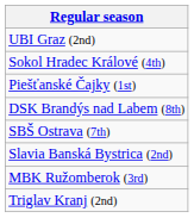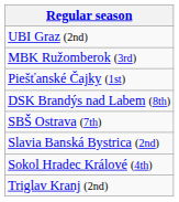 <table class="wikitable" style="white-space: nowrap;">
 <tr>
 <th colspan=1><a href='#'>Regular season</a></th>
 </tr>
 <tr>
 <td width=170> <a href='#'>UBI Graz</a> <small>(2nd)</small></td>
 </tr>
 <tr>
-<td width=170> <a href='#'>Sokol Hradec Králové</a> <small>(<a href='#'>4th</a>)</small></td>
+<td width=170> <a href='#'>MBK Ružomberok</a> <small>(<a href='#'>3rd</a>)</small></td>
 </tr>
 <tr>
 <td width=170> <a href='#'>Piešťanské Čajky</a> <small>(<a href='#'>1st</a>)</small></td>
 </tr>
 <tr>
 <td width=170> <a href='#'>DSK Brandýs nad Labem</a> <small>(<a href='#'>8th</a>)</small></td>
 </tr>
 <tr>
 <td width=170> <a href='#'>SBŠ Ostrava</a> <small>(<a href='#'>7th</a>)</small></td>
 </tr>
 <tr>
 <td width=170> <a href='#'>Slavia Banská Bystrica</a> <small>(<a href='#'>2nd</a>)</small></td>
 </tr>
 <tr>
-<td width=170> <a href='#'>MBK Ružomberok</a> <small>(<a href='#'>3rd</a>)</small></td>
+<td width=170> <a href='#'>Sokol Hradec Králové</a> <small>(<a href='#'>4th</a>)</small></td>
 </tr>
 <tr>
 <td width=170> <a href='#'>Triglav Kranj</a> <small>(2nd)</small></td>
 </tr>
 </table>
